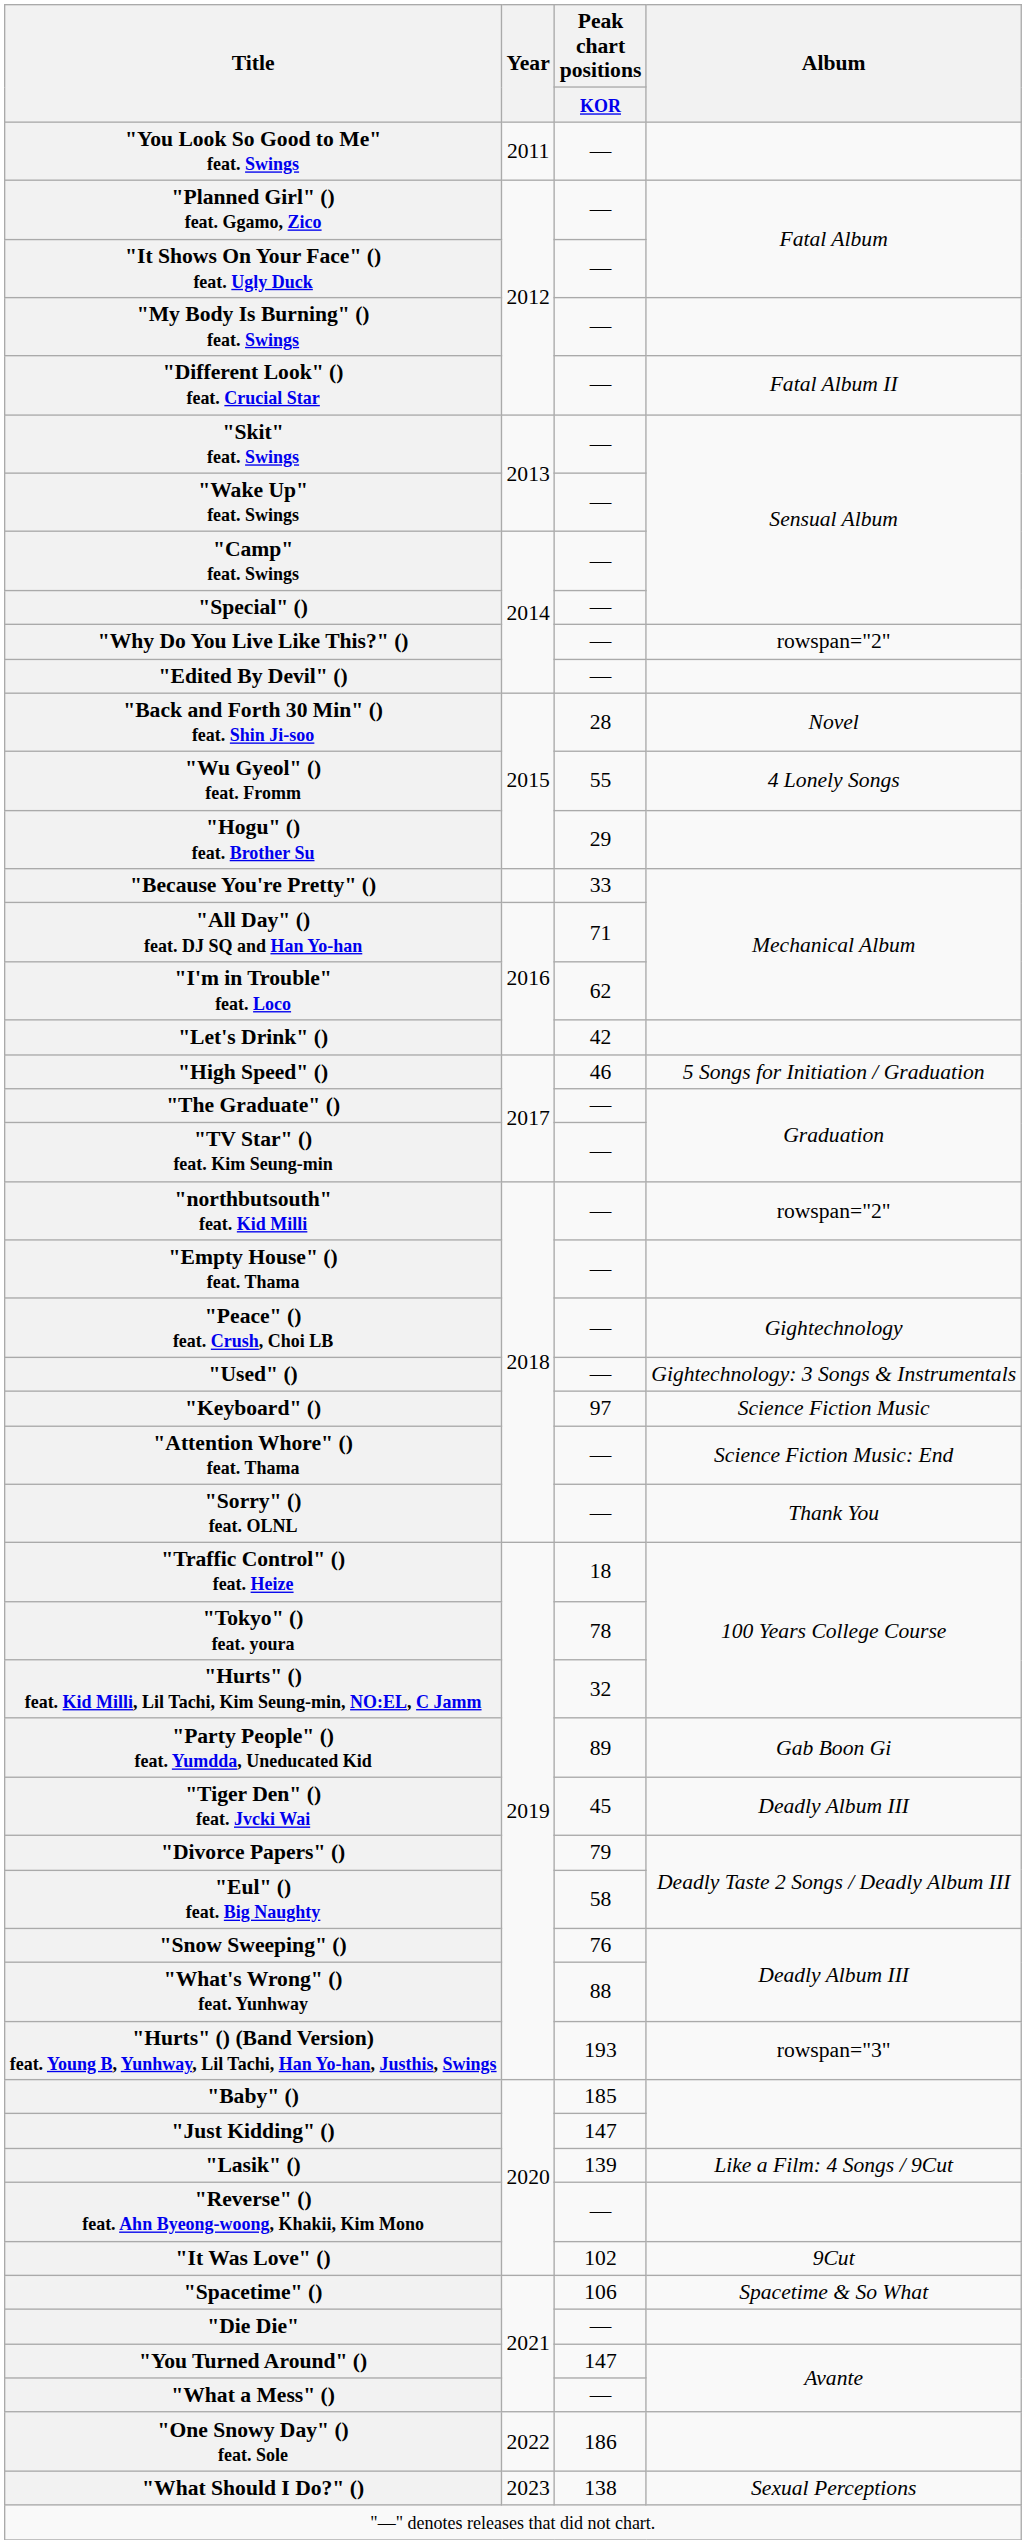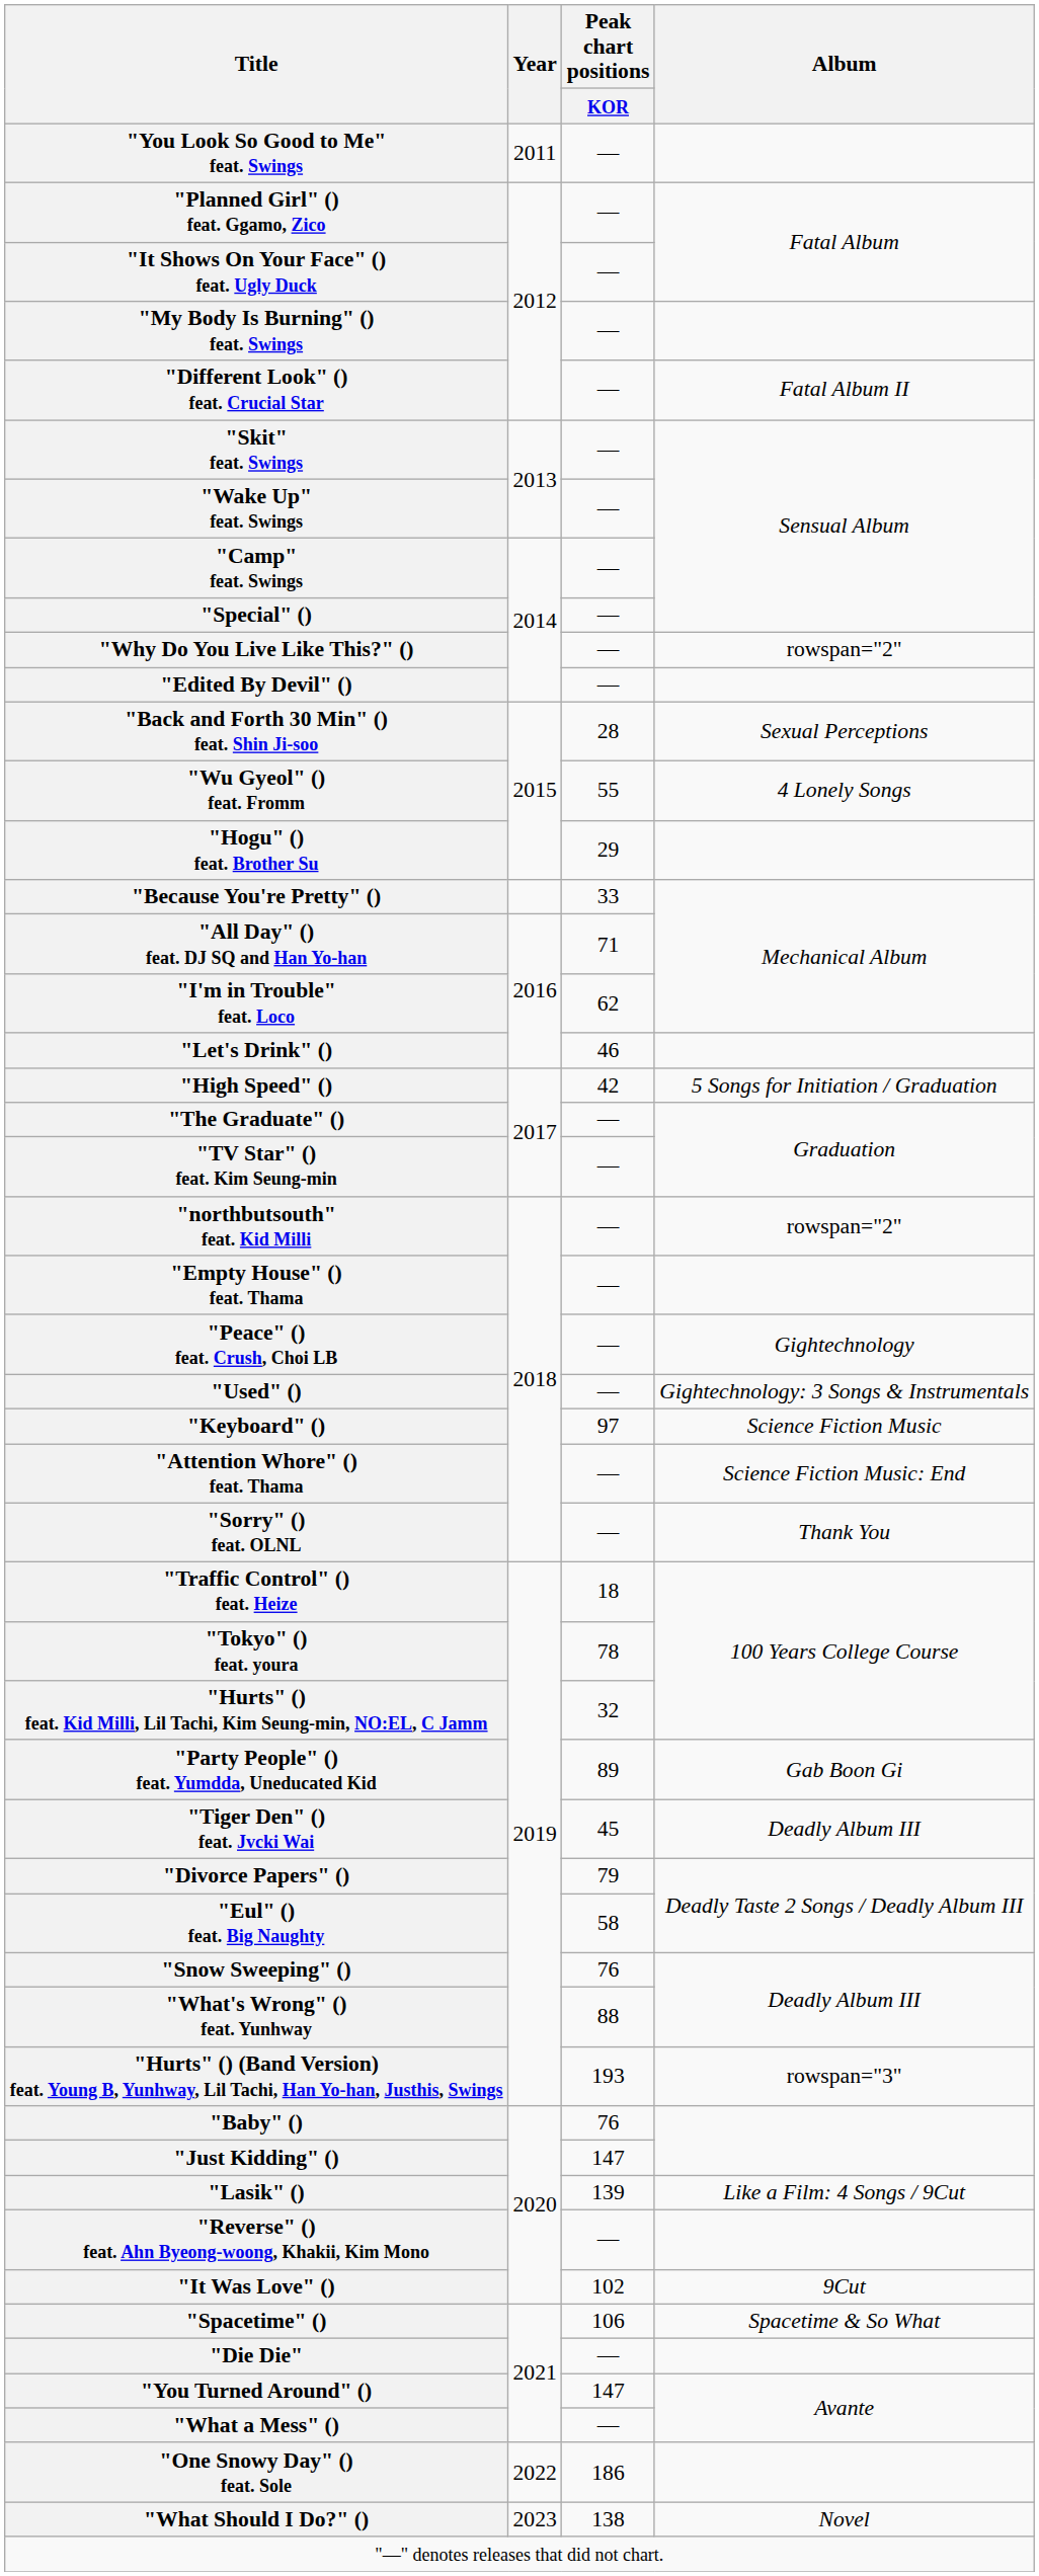 <table class="wikitable plainrowheaders" style="text-align:center;">
 <tr>
 <th scope="col" rowspan="2">Title</th>
 <th scope="col" rowspan="2">Year</th>
 <th scope="col" style="width:3em;">Peak chart positions</th>
 <th scope="col" rowspan="2">Album</th>
 </tr>
 <tr>
 <th><small><a href='#'>KOR</a></small><br></th>
 </tr>
 <tr>
 <th scope="row">"You Look So Good to Me"<br><small>feat. <a href='#'>Swings</a></small></th>
 <td>2011</td>
 <td>—</td>
 <td></td>
 </tr>
 <tr>
 <th scope="row">"Planned Girl" ()<br><small>feat. Ggamo, <a href='#'>Zico</a></small></th>
 <td rowspan="4">2012</td>
 <td>—</td>
 <td rowspan="2"><em>Fatal Album</em></td>
 </tr>
 <tr>
 <th scope="row">"It Shows On Your Face" ()<br><small>feat. <a href='#'>Ugly Duck</a></small></th>
 <td>—</td>
 </tr>
 <tr>
 <th scope="row">"My Body Is Burning" ()<br><small>feat. <a href='#'>Swings</a></small></th>
 <td>—</td>
 <td></td>
 </tr>
 <tr>
 <th scope="row">"Different Look" ()<br><small>feat. <a href='#'>Crucial Star</a></small></th>
 <td>—</td>
 <td><em>Fatal Album II</em></td>
 </tr>
 <tr>
 <th scope="row">"Skit"<br><small>feat. <a href='#'>Swings</a></small></th>
 <td rowspan="2">2013</td>
 <td>—</td>
 <td rowspan="4"><em>Sensual Album</em></td>
 </tr>
 <tr>
 <th scope="row">"Wake Up"<br><small>feat. Swings</small></th>
 <td>—</td>
 </tr>
 <tr>
 <th scope="row">"Camp"<br><small>feat. Swings</small></th>
 <td rowspan="4">2014</td>
 <td>—</td>
 </tr>
 <tr>
 <th scope="row">"Special" ()</th>
 <td>—</td>
 </tr>
 <tr>
 <th scope="row">"Why Do You Live Like This?" ()</th>
 <td>—</td>
 <td>rowspan="2" </td>
 </tr>
 <tr>
 <th scope="row">"Edited By Devil" ()</th>
 <td>—</td>
 </tr>
 <tr>
 <th scope="row">"Back and Forth 30 Min" ()<br><small>feat. <a href='#'>Shin Ji-soo</a></small></th>
 <td rowspan="3">2015</td>
 <td>28</td>
-<td><em>Novel</em></td>
+<td><em>Sexual Perceptions</em></td>
 </tr>
 <tr>
 <th scope="row">"Wu Gyeol" ()<br><small>feat. Fromm</small></th>
 <td>55</td>
 <td><em>4 Lonely Songs</em></td>
 </tr>
 <tr>
 <th scope="row">"Hogu" ()<br><small>feat. <a href='#'>Brother Su</a></small></th>
 <td>29</td>
 <td></td>
 </tr>
 <tr>
 <th scope="row">"Because You're Pretty" ()</th>
 <td></td>
 <td>33</td>
 <td rowspan="3"><em>Mechanical Album</em></td>
 </tr>
 <tr>
 <th scope="row">"All Day" ()<br><small>feat. DJ SQ and <a href='#'>Han Yo-han</a></small></th>
 <td rowspan="3">2016</td>
 <td>71</td>
 </tr>
 <tr>
 <th scope="row">"I'm in Trouble"<br><small>feat. <a href='#'>Loco</a></small></th>
 <td>62</td>
 </tr>
 <tr>
 <th scope="row">"Let's Drink" ()</th>
-<td>42</td>
+<td>46</td>
 <td></td>
 </tr>
 <tr>
 <th scope="row">"High Speed" ()</th>
 <td rowspan="3">2017</td>
-<td>46</td>
+<td>42</td>
 <td><em>5 Songs for Initiation / Graduation</em></td>
 </tr>
 <tr>
 <th scope="row">"The Graduate" ()</th>
 <td>—</td>
 <td rowspan="2"><em>Graduation</em></td>
 </tr>
 <tr>
 <th scope="row">"TV Star" ()<br><small>feat. Kim Seung-min</small></th>
 <td>—</td>
 </tr>
 <tr>
 <th scope="row">"northbutsouth"<br><small>feat. <a href='#'>Kid Milli</a></small></th>
 <td rowspan="7">2018</td>
 <td>—</td>
 <td>rowspan="2" </td>
 </tr>
 <tr>
 <th scope="row">"Empty House" ()<br><small>feat. Thama</small></th>
 <td>—</td>
 </tr>
 <tr>
 <th scope="row">"Peace" ()<br><small>feat. <a href='#'>Crush</a>, Choi LB</small></th>
 <td>—</td>
 <td><em>Gightechnology</em></td>
 </tr>
 <tr>
 <th scope="row">"Used" ()</th>
 <td>—</td>
 <td><em>Gightechnology: 3 Songs & Instrumentals</em></td>
 </tr>
 <tr>
 <th scope="row">"Keyboard" ()</th>
 <td>97</td>
 <td><em>Science Fiction Music</em></td>
 </tr>
 <tr>
 <th scope="row">"Attention Whore" ()<br><small>feat. Thama</small></th>
 <td>—</td>
 <td><em>Science Fiction Music: End</em></td>
 </tr>
 <tr>
 <th scope="row">"Sorry" ()<br><small>feat. OLNL</small></th>
 <td>—</td>
 <td><em>Thank You</em></td>
 </tr>
 <tr>
 <th scope="row">"Traffic Control" ()<br><small>feat. <a href='#'>Heize</a></small></th>
 <td rowspan="10">2019</td>
 <td>18</td>
 <td rowspan="3"><em>100 Years College Course</em></td>
 </tr>
 <tr>
 <th scope="row">"Tokyo" ()<br><small>feat. youra</small></th>
 <td>78</td>
 </tr>
 <tr>
 <th scope="row">"Hurts" ()<br><small>feat. <a href='#'>Kid Milli</a>, Lil Tachi, Kim Seung-min, <a href='#'>NO:EL</a>, <a href='#'>C Jamm</a></small></th>
 <td>32</td>
 </tr>
 <tr>
 <th scope="row">"Party People" ()<br><small>feat. <a href='#'>Yumdda</a>, Uneducated Kid</small></th>
 <td>89</td>
 <td><em>Gab Boon Gi</em></td>
 </tr>
 <tr>
 <th scope="row">"Tiger Den" ()<br><small>feat. <a href='#'>Jvcki Wai</a></small></th>
 <td>45</td>
 <td><em>Deadly Album III</em></td>
 </tr>
 <tr>
 <th scope="row">"Divorce Papers" ()</th>
 <td>79</td>
 <td rowspan="2"><em>Deadly Taste 2 Songs / Deadly Album III</em></td>
 </tr>
 <tr>
 <th scope="row">"Eul" ()<br><small>feat. <a href='#'>Big Naughty</a></small></th>
 <td>58</td>
 </tr>
 <tr>
 <th scope="row">"Snow Sweeping" ()</th>
 <td>76</td>
 <td rowspan="2"><em>Deadly Album III</em></td>
 </tr>
 <tr>
 <th scope="row">"What's Wrong" ()<br><small>feat. Yunhway</small></th>
 <td>88</td>
 </tr>
 <tr>
 <th scope="row">"Hurts" () (Band Version)<br><small>feat. <a href='#'>Young B</a>, <a href='#'>Yunhway</a>, Lil Tachi, <a href='#'>Han Yo-han</a>, <a href='#'>Justhis</a>, <a href='#'>Swings</a></small></th>
 <td>193</td>
 <td>rowspan="3" </td>
 </tr>
 <tr>
 <th scope="row">"Baby" ()</th>
 <td rowspan="5">2020</td>
-<td>185</td>
+<td>76</td>
 </tr>
 <tr>
 <th scope="row">"Just Kidding" ()</th>
 <td>147</td>
 </tr>
 <tr>
 <th scope="row">"Lasik" ()</th>
 <td>139</td>
 <td><em>Like a Film: 4 Songs / 9Cut</em></td>
 </tr>
 <tr>
 <th scope="row">"Reverse" ()<br><small>feat. <a href='#'>Ahn Byeong-woong</a>, Khakii, Kim Mono</small></th>
 <td>—</td>
 <td></td>
 </tr>
 <tr>
 <th scope="row">"It Was Love" ()</th>
 <td>102</td>
 <td><em>9Cut</em></td>
 </tr>
 <tr>
 <th scope="row">"Spacetime" ()</th>
 <td rowspan="4">2021</td>
 <td>106</td>
 <td><em>Spacetime & So What</em></td>
 </tr>
 <tr>
 <th scope="row">"Die Die"</th>
 <td>—</td>
 <td></td>
 </tr>
 <tr>
 <th scope="row">"You Turned Around" ()</th>
 <td>147</td>
 <td rowspan="2"><em>Avante</em></td>
 </tr>
 <tr>
 <th scope="row">"What a Mess" ()</th>
 <td>—</td>
 </tr>
 <tr>
 <th scope="row">"One Snowy Day" ()<br><small>feat. Sole</small></th>
 <td>2022</td>
 <td>186</td>
 <td></td>
 </tr>
 <tr>
 <th scope="row">"What Should I Do?" ()</th>
 <td>2023</td>
 <td>138</td>
-<td><em>Sexual Perceptions</em></td>
+<td><em>Novel</em></td>
 </tr>
 <tr>
 <td colspan="4"><small>"—" denotes releases that did not chart.</small></td>
 </tr>
 </table>
